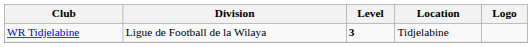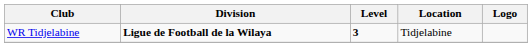 <table class="wikitable sortable" width=75% style="font-size:90%">
 <tr>
 <th>Club</th>
 <th>Division</th>
 <th>Level</th>
 <th>Location</th>
 <th>Logo</th>
 </tr>
 <tr>
 <td><a href='#'>WR Tidjelabine</a></td>
-<td>Ligue de Football de la Wilaya</td>
+<td><strong>Ligue de Football de la Wilaya</strong></td>
 <td><strong>3</strong></td>
 <td>Tidjelabine</td>
 <td></td>
 </tr>
 <tr>
 </tr>
 </table>
